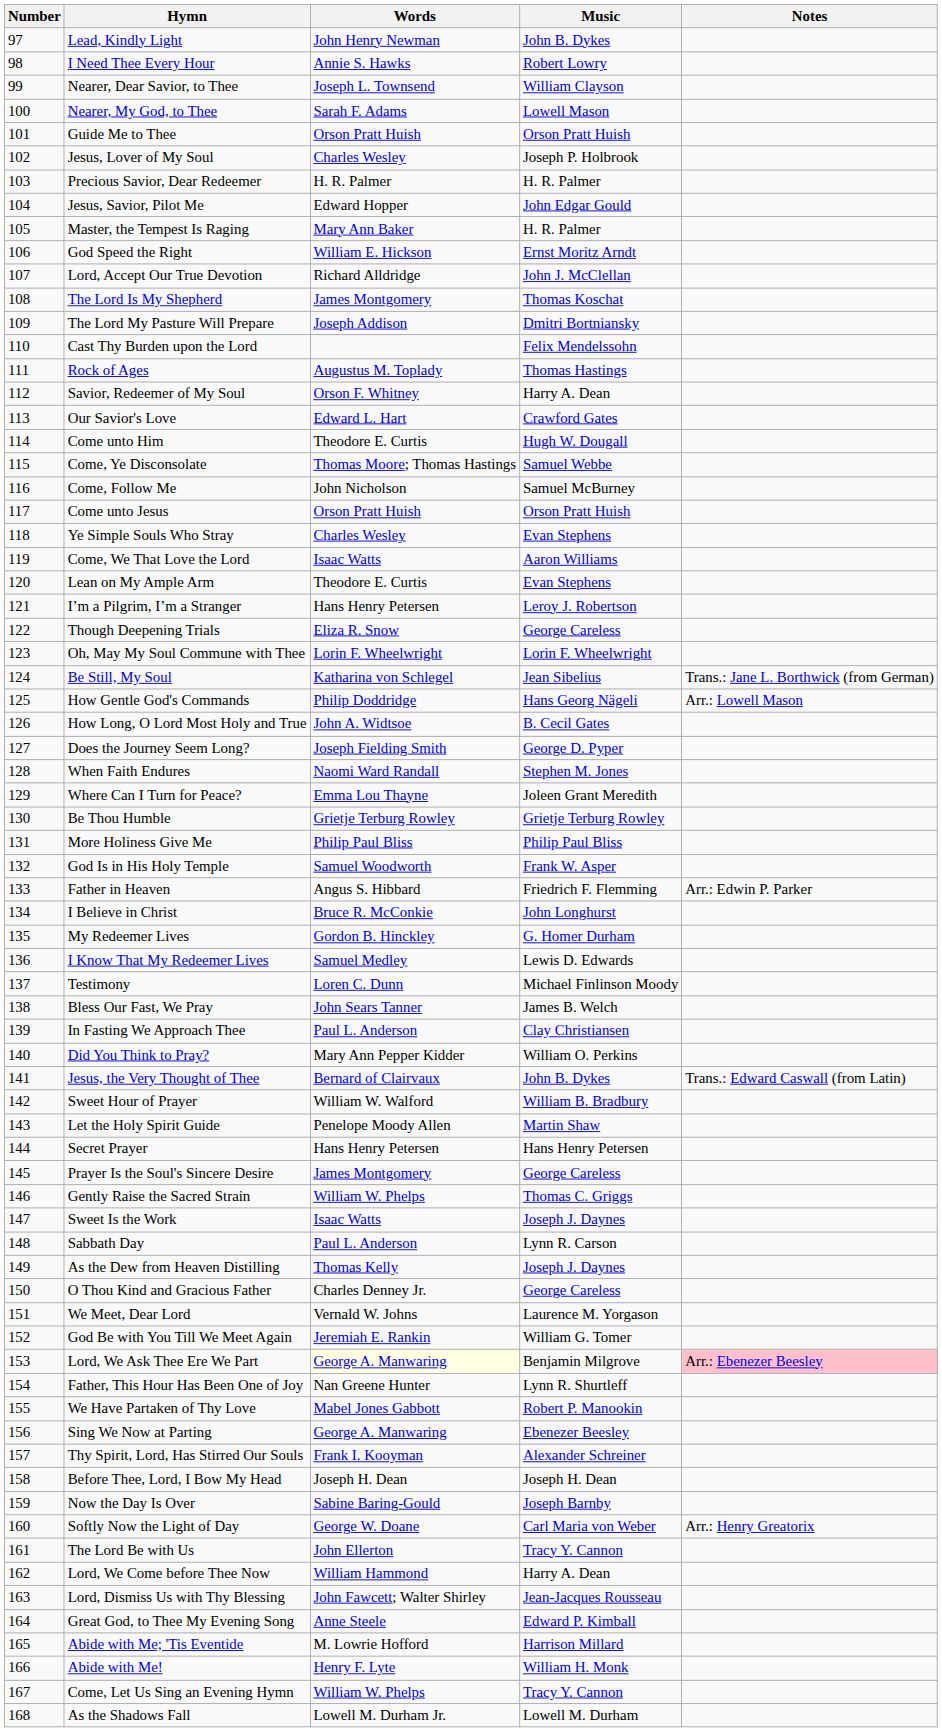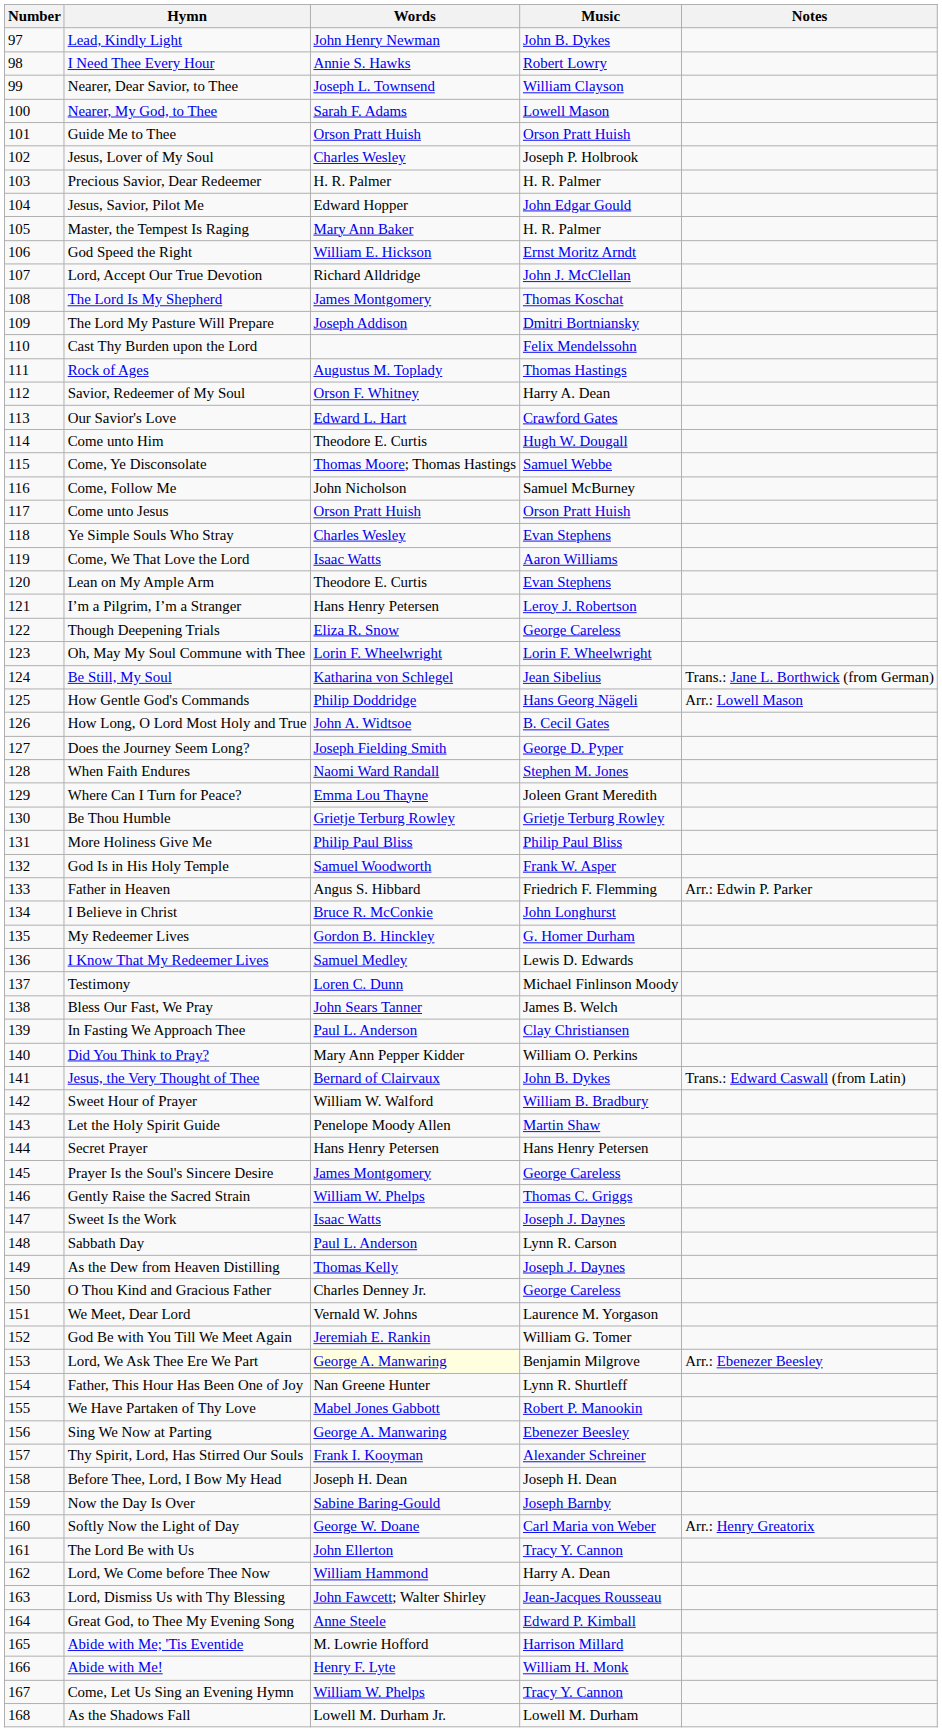 <table class="wikitable mw-collapsible mw-collapsed">
 <tr>
 <th>Number</th>
 <th>Hymn</th>
 <th>Words</th>
 <th>Music</th>
 <th>Notes</th>
 </tr>
 <tr>
 <td>97</td>
 <td><a href='#'>Lead, Kindly Light</a></td>
 <td><a href='#'>John Henry Newman</a></td>
 <td><a href='#'>John B. Dykes</a></td>
 <td></td>
 </tr>
 <tr>
 <td>98</td>
 <td><a href='#'>I Need Thee Every Hour</a></td>
 <td><a href='#'>Annie S. Hawks</a></td>
 <td><a href='#'>Robert Lowry</a></td>
 <td></td>
 </tr>
 <tr>
 <td>99</td>
 <td>Nearer, Dear Savior, to Thee</td>
 <td><a href='#'>Joseph L. Townsend</a></td>
 <td><a href='#'>William Clayson</a></td>
 <td></td>
 </tr>
 <tr>
 <td>100</td>
 <td><a href='#'>Nearer, My God, to Thee</a></td>
 <td><a href='#'>Sarah F. Adams</a></td>
 <td><a href='#'>Lowell Mason</a></td>
 <td></td>
 </tr>
 <tr>
 <td>101</td>
 <td>Guide Me to Thee</td>
 <td><a href='#'>Orson Pratt Huish</a></td>
 <td><a href='#'>Orson Pratt Huish</a></td>
 <td></td>
 </tr>
 <tr>
 <td>102</td>
 <td>Jesus, Lover of My Soul</td>
 <td><a href='#'>Charles Wesley</a></td>
 <td>Joseph P. Holbrook</td>
 <td></td>
 </tr>
 <tr>
 <td>103</td>
 <td>Precious Savior, Dear Redeemer</td>
 <td>H. R. Palmer</td>
 <td>H. R. Palmer</td>
 <td></td>
 </tr>
 <tr>
 <td>104</td>
 <td>Jesus, Savior, Pilot Me</td>
 <td>Edward Hopper</td>
 <td><a href='#'>John Edgar Gould</a></td>
 <td></td>
 </tr>
 <tr>
 <td>105</td>
 <td>Master, the Tempest Is Raging</td>
 <td><a href='#'>Mary Ann Baker</a></td>
 <td>H. R. Palmer</td>
 <td></td>
 </tr>
 <tr>
 <td>106</td>
 <td>God Speed the Right</td>
 <td><a href='#'>William E. Hickson</a></td>
 <td><a href='#'>Ernst Moritz Arndt</a></td>
 <td></td>
 </tr>
 <tr>
 <td>107</td>
 <td>Lord, Accept Our True Devotion</td>
 <td>Richard Alldridge</td>
 <td><a href='#'>John J. McClellan</a></td>
 <td></td>
 </tr>
 <tr>
 <td>108</td>
 <td><a href='#'>The Lord Is My Shepherd</a></td>
 <td><a href='#'>James Montgomery</a></td>
 <td><a href='#'>Thomas Koschat</a></td>
 <td></td>
 </tr>
 <tr>
 <td>109</td>
 <td>The Lord My Pasture Will Prepare</td>
 <td><a href='#'>Joseph Addison</a></td>
 <td><a href='#'>Dmitri Bortniansky</a></td>
 <td></td>
 </tr>
 <tr>
 <td>110</td>
 <td>Cast Thy Burden upon the Lord</td>
 <td></td>
 <td><a href='#'>Felix Mendelssohn</a></td>
 <td></td>
 </tr>
 <tr>
 <td>111</td>
 <td><a href='#'>Rock of Ages</a></td>
 <td><a href='#'>Augustus M. Toplady</a></td>
 <td><a href='#'>Thomas Hastings</a></td>
 <td></td>
 </tr>
 <tr>
 <td>112</td>
 <td>Savior, Redeemer of My Soul</td>
 <td><a href='#'>Orson F. Whitney</a></td>
 <td>Harry A. Dean</td>
 <td></td>
 </tr>
 <tr>
 <td>113</td>
 <td>Our Savior's Love</td>
 <td><a href='#'>Edward L. Hart</a></td>
 <td><a href='#'>Crawford Gates</a></td>
 <td></td>
 </tr>
 <tr>
 <td>114</td>
 <td>Come unto Him</td>
 <td>Theodore E. Curtis</td>
 <td><a href='#'>Hugh W. Dougall</a></td>
 <td></td>
 </tr>
 <tr>
 <td>115</td>
 <td>Come, Ye Disconsolate</td>
 <td><a href='#'>Thomas Moore</a>; Thomas Hastings</td>
 <td><a href='#'>Samuel Webbe</a></td>
 <td></td>
 </tr>
 <tr>
 <td>116</td>
 <td>Come, Follow Me</td>
 <td>John Nicholson</td>
 <td>Samuel McBurney</td>
 <td></td>
 </tr>
 <tr>
 <td>117</td>
 <td>Come unto Jesus</td>
 <td><a href='#'>Orson Pratt Huish</a></td>
 <td><a href='#'>Orson Pratt Huish</a></td>
 <td></td>
 </tr>
 <tr>
 <td>118</td>
 <td>Ye Simple Souls Who Stray</td>
 <td><a href='#'>Charles Wesley</a></td>
 <td><a href='#'>Evan Stephens</a></td>
 <td></td>
 </tr>
 <tr>
 <td>119</td>
 <td>Come, We That Love the Lord</td>
 <td><a href='#'>Isaac Watts</a></td>
 <td><a href='#'>Aaron Williams</a></td>
 <td></td>
 </tr>
 <tr>
 <td>120</td>
 <td>Lean on My Ample Arm</td>
 <td>Theodore E. Curtis</td>
 <td><a href='#'>Evan Stephens</a></td>
 <td></td>
 </tr>
 <tr>
 <td>121</td>
 <td>I’m a Pilgrim, I’m a Stranger</td>
 <td>Hans Henry Petersen</td>
 <td><a href='#'>Leroy J. Robertson</a></td>
 <td></td>
 </tr>
 <tr>
 <td>122</td>
 <td>Though Deepening Trials</td>
 <td><a href='#'>Eliza R. Snow</a></td>
 <td><a href='#'>George Careless</a></td>
 <td></td>
 </tr>
 <tr>
 <td>123</td>
 <td>Oh, May My Soul Commune with Thee</td>
 <td><a href='#'>Lorin F. Wheelwright</a></td>
 <td><a href='#'>Lorin F. Wheelwright</a></td>
 <td></td>
 </tr>
 <tr>
 <td>124</td>
 <td><a href='#'>Be Still, My Soul</a></td>
 <td><a href='#'>Katharina von Schlegel</a></td>
 <td><a href='#'>Jean Sibelius</a></td>
 <td>Trans.: <a href='#'>Jane L. Borthwick</a> (from German)</td>
 </tr>
 <tr>
 <td>125</td>
 <td>How Gentle God's Commands</td>
 <td><a href='#'>Philip Doddridge</a></td>
 <td><a href='#'>Hans Georg Nägeli</a></td>
 <td>Arr.: <a href='#'>Lowell Mason</a></td>
 </tr>
 <tr>
 <td>126</td>
 <td>How Long, O Lord Most Holy and True</td>
 <td><a href='#'>John A. Widtsoe</a></td>
 <td><a href='#'>B. Cecil Gates</a></td>
 <td></td>
 </tr>
 <tr>
 <td>127</td>
 <td>Does the Journey Seem Long?</td>
 <td><a href='#'>Joseph Fielding Smith</a></td>
 <td><a href='#'>George D. Pyper</a></td>
 <td></td>
 </tr>
 <tr>
 <td>128</td>
 <td>When Faith Endures</td>
 <td><a href='#'>Naomi Ward Randall</a></td>
 <td><a href='#'>Stephen M. Jones</a></td>
 <td></td>
 </tr>
 <tr>
 <td>129</td>
 <td>Where Can I Turn for Peace?</td>
 <td><a href='#'>Emma Lou Thayne</a></td>
 <td>Joleen Grant Meredith</td>
 <td></td>
 </tr>
 <tr>
 <td>130</td>
 <td>Be Thou Humble</td>
 <td><a href='#'>Grietje Terburg Rowley</a></td>
 <td><a href='#'>Grietje Terburg Rowley</a></td>
 <td></td>
 </tr>
 <tr>
 <td>131</td>
 <td>More Holiness Give Me</td>
 <td><a href='#'>Philip Paul Bliss</a></td>
 <td><a href='#'>Philip Paul Bliss</a></td>
 <td></td>
 </tr>
 <tr>
 <td>132</td>
 <td>God Is in His Holy Temple</td>
 <td><a href='#'>Samuel Woodworth</a></td>
 <td><a href='#'>Frank W. Asper</a></td>
 <td></td>
 </tr>
 <tr>
 <td>133</td>
 <td>Father in Heaven</td>
 <td>Angus S. Hibbard</td>
 <td>Friedrich F. Flemming</td>
 <td>Arr.: Edwin P. Parker</td>
 </tr>
 <tr>
 <td>134</td>
 <td>I Believe in Christ</td>
 <td><a href='#'>Bruce R. McConkie</a></td>
 <td><a href='#'>John Longhurst</a></td>
 <td></td>
 </tr>
 <tr>
 <td>135</td>
 <td>My Redeemer Lives</td>
 <td><a href='#'>Gordon B. Hinckley</a></td>
 <td><a href='#'>G. Homer Durham</a></td>
 <td></td>
 </tr>
 <tr>
 <td>136</td>
 <td><a href='#'>I Know That My Redeemer Lives</a></td>
 <td><a href='#'>Samuel Medley</a></td>
 <td>Lewis D. Edwards</td>
 <td></td>
 </tr>
 <tr>
 <td>137</td>
 <td>Testimony</td>
 <td><a href='#'>Loren C. Dunn</a></td>
 <td>Michael Finlinson Moody</td>
 <td></td>
 </tr>
 <tr>
 <td>138</td>
 <td>Bless Our Fast, We Pray</td>
 <td><a href='#'>John Sears Tanner</a></td>
 <td>James B. Welch</td>
 <td></td>
 </tr>
 <tr>
 <td>139</td>
 <td>In Fasting We Approach Thee</td>
 <td><a href='#'>Paul L. Anderson</a></td>
 <td><a href='#'>Clay Christiansen</a></td>
 <td></td>
 </tr>
 <tr>
 <td>140</td>
 <td><a href='#'>Did You Think to Pray?</a></td>
 <td>Mary Ann Pepper Kidder</td>
 <td>William O. Perkins</td>
 <td></td>
 </tr>
 <tr>
 <td>141</td>
 <td><a href='#'>Jesus, the Very Thought of Thee</a></td>
 <td><a href='#'>Bernard of Clairvaux</a></td>
 <td><a href='#'>John B. Dykes</a></td>
 <td>Trans.: <a href='#'>Edward Caswall</a> (from Latin)</td>
 </tr>
 <tr>
 <td>142</td>
 <td>Sweet Hour of Prayer</td>
 <td>William W. Walford</td>
 <td><a href='#'>William B. Bradbury</a></td>
 <td></td>
 </tr>
 <tr>
 <td>143</td>
 <td>Let the Holy Spirit Guide</td>
 <td>Penelope Moody Allen</td>
 <td><a href='#'>Martin Shaw</a></td>
 <td></td>
 </tr>
 <tr>
 <td>144</td>
 <td>Secret Prayer</td>
 <td>Hans Henry Petersen</td>
 <td>Hans Henry Petersen</td>
 <td></td>
 </tr>
 <tr>
 <td>145</td>
 <td>Prayer Is the Soul's Sincere Desire</td>
 <td><a href='#'>James Montgomery</a></td>
 <td><a href='#'>George Careless</a></td>
 <td></td>
 </tr>
 <tr>
 <td>146</td>
 <td>Gently Raise the Sacred Strain</td>
 <td><a href='#'>William W. Phelps</a></td>
 <td><a href='#'>Thomas C. Griggs</a></td>
 <td></td>
 </tr>
 <tr>
 <td>147</td>
 <td>Sweet Is the Work</td>
 <td><a href='#'>Isaac Watts</a></td>
 <td><a href='#'>Joseph J. Daynes</a></td>
 <td></td>
 </tr>
 <tr>
 <td>148</td>
 <td>Sabbath Day</td>
 <td><a href='#'>Paul L. Anderson</a></td>
 <td>Lynn R. Carson</td>
 <td></td>
 </tr>
 <tr>
 <td>149</td>
 <td>As the Dew from Heaven Distilling</td>
 <td><a href='#'>Thomas Kelly</a></td>
 <td><a href='#'>Joseph J. Daynes</a></td>
 <td></td>
 </tr>
 <tr>
 <td>150</td>
 <td>O Thou Kind and Gracious Father</td>
 <td>Charles Denney Jr.</td>
 <td><a href='#'>George Careless</a></td>
 <td></td>
 </tr>
 <tr>
 <td>151</td>
 <td>We Meet, Dear Lord</td>
 <td>Vernald W. Johns</td>
 <td>Laurence M. Yorgason</td>
 <td></td>
 </tr>
 <tr>
 <td>152</td>
 <td>God Be with You Till We Meet Again</td>
 <td><a href='#'>Jeremiah E. Rankin</a></td>
 <td>William G. Tomer</td>
 <td></td>
 </tr>
 <tr>
 <td>153</td>
 <td>Lord, We Ask Thee Ere We Part</td>
 <td style="background: lightyellow;"><a href='#'>George A. Manwaring</a></td>
 <td>Benjamin Milgrove</td>
-<td style="background: pink;">Arr.: <a href='#'>Ebenezer Beesley</a></td>
+<td>Arr.: <a href='#'>Ebenezer Beesley</a></td>
 </tr>
 <tr>
 <td>154</td>
 <td>Father, This Hour Has Been One of Joy</td>
 <td>Nan Greene Hunter</td>
 <td>Lynn R. Shurtleff</td>
 <td></td>
 </tr>
 <tr>
 <td>155</td>
 <td>We Have Partaken of Thy Love</td>
 <td><a href='#'>Mabel Jones Gabbott</a></td>
 <td><a href='#'>Robert P. Manookin</a></td>
 <td></td>
 </tr>
 <tr>
 <td>156</td>
 <td>Sing We Now at Parting</td>
 <td><a href='#'>George A. Manwaring</a></td>
 <td><a href='#'>Ebenezer Beesley</a></td>
 <td></td>
 </tr>
 <tr>
 <td>157</td>
 <td>Thy Spirit, Lord, Has Stirred Our Souls</td>
 <td><a href='#'>Frank I. Kooyman</a></td>
 <td><a href='#'>Alexander Schreiner</a></td>
 <td></td>
 </tr>
 <tr>
 <td>158</td>
 <td>Before Thee, Lord, I Bow My Head</td>
 <td>Joseph H. Dean</td>
 <td>Joseph H. Dean</td>
 <td></td>
 </tr>
 <tr>
 <td>159</td>
 <td>Now the Day Is Over</td>
 <td><a href='#'>Sabine Baring-Gould</a></td>
 <td><a href='#'>Joseph Barnby</a></td>
 <td></td>
 </tr>
 <tr>
 <td>160</td>
 <td>Softly Now the Light of Day</td>
 <td><a href='#'>George W. Doane</a></td>
 <td><a href='#'>Carl Maria von Weber</a></td>
 <td>Arr.: <a href='#'> Henry Greatorix</a></td>
 </tr>
 <tr>
 <td>161</td>
 <td>The Lord Be with Us</td>
 <td><a href='#'>John Ellerton</a></td>
 <td><a href='#'>Tracy Y. Cannon</a></td>
 <td></td>
 </tr>
 <tr>
 <td>162</td>
 <td>Lord, We Come before Thee Now</td>
 <td><a href='#'>William Hammond</a></td>
 <td>Harry A. Dean</td>
 <td></td>
 </tr>
 <tr>
 <td>163</td>
 <td>Lord, Dismiss Us with Thy Blessing</td>
 <td><a href='#'>John Fawcett</a>; Walter Shirley</td>
 <td><a href='#'>Jean-Jacques Rousseau</a></td>
 <td></td>
 </tr>
 <tr>
 <td>164</td>
 <td>Great God, to Thee My Evening Song</td>
 <td><a href='#'>Anne Steele</a></td>
 <td><a href='#'>Edward P. Kimball</a></td>
 <td></td>
 </tr>
 <tr>
 <td>165</td>
 <td><a href='#'>Abide with Me; 'Tis Eventide</a></td>
 <td>M. Lowrie Hofford</td>
 <td><a href='#'>Harrison Millard</a></td>
 <td></td>
 </tr>
 <tr>
 <td>166</td>
 <td><a href='#'>Abide with Me!</a></td>
 <td><a href='#'>Henry F. Lyte</a></td>
 <td><a href='#'>William H. Monk</a></td>
 <td></td>
 </tr>
 <tr>
 <td>167</td>
 <td>Come, Let Us Sing an Evening Hymn</td>
 <td><a href='#'>William W. Phelps</a></td>
 <td><a href='#'>Tracy Y. Cannon</a></td>
 <td></td>
 </tr>
 <tr>
 <td>168</td>
 <td>As the Shadows Fall</td>
 <td>Lowell M. Durham Jr.</td>
 <td>Lowell M. Durham</td>
 <td></td>
 </tr>
 </table>
